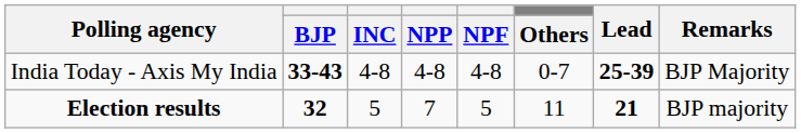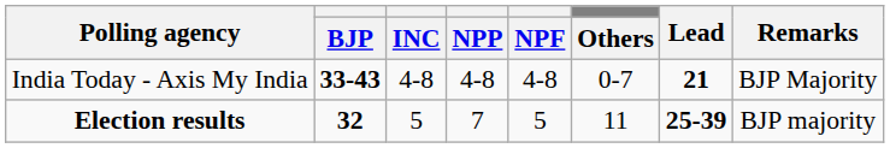 <table class="wikitable sortable" style="text-align:center">
 <tr>
 <th rowspan="2">Polling agency</th>
 <th style="background:"></th>
 <th style="background:"></th>
 <th style="background:"></th>
 <th style="text-align:center; background:"></th>
 <th style="background:gray;"></th>
 <th rowspan="2">Lead</th>
 <th rowspan="2">Remarks</th>
 </tr>
 <tr>
 <th><a href='#'>BJP</a></th>
 <th><a href='#'>INC</a></th>
 <th><a href='#'>NPP</a></th>
 <th><a href='#'>NPF</a></th>
 <th>Others</th>
 </tr>
 <tr>
 <td>India Today - Axis My India</td>
 <td style="background:"><strong>33-43</strong></td>
 <td>4-8</td>
 <td>4-8</td>
 <td>4-8</td>
 <td>0-7</td>
-<td style="background:"><strong>25-39</strong></td>
+<td><strong>21</strong></td>
 <td>BJP Majority</td>
 </tr>
 <tr>
 <td style="background:"><strong>Election results</strong></td>
 <td><strong>32</strong></td>
 <td style="background:">5</td>
 <td style="background:">7</td>
 <td style="background:">5</td>
 <td style="background:">11</td>
-<td><strong>21</strong></td>
+<td style="background:"><strong>25-39</strong></td>
 <td style="background:">BJP majority</td>
 </tr>
 </table>
